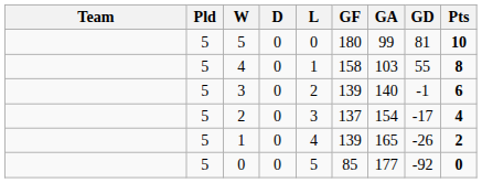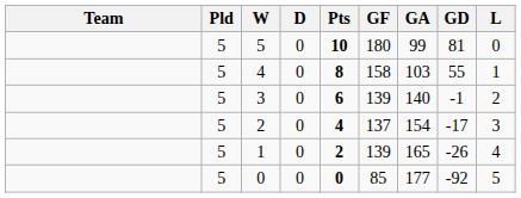 <table class="wikitable" style="text-align: center;">
 <tr>
 <th width="180">Team</th>
 <th width="30">Pld</th>
 <th width="30">W</th>
 <th width="30">D</th>
-<th width="30">L</th>
+<th width="30">Pts</th>
 <th width="30">GF</th>
 <th width="30">GA</th>
 <th width="30">GD</th>
-<th width="30">Pts</th>
+<th width="30">L</th>
 </tr>
 <tr>
 <td align="left"></td>
 <td>5</td>
 <td>5</td>
 <td>0</td>
-<td>0</td>
+<td><strong>10</strong></td>
 <td>180</td>
 <td>99</td>
 <td>81</td>
-<td><strong>10</strong></td>
+<td>0</td>
 </tr>
 <tr>
 <td align="left"></td>
 <td>5</td>
 <td>4</td>
 <td>0</td>
-<td>1</td>
+<td><strong>8</strong></td>
 <td>158</td>
 <td>103</td>
 <td>55</td>
-<td><strong>8</strong></td>
+<td>1</td>
 </tr>
 <tr>
 <td align="left"></td>
 <td>5</td>
 <td>3</td>
 <td>0</td>
-<td>2</td>
+<td><strong>6</strong></td>
 <td>139</td>
 <td>140</td>
 <td>-1</td>
-<td><strong>6</strong></td>
+<td>2</td>
 </tr>
 <tr>
 <td align="left"></td>
 <td>5</td>
 <td>2</td>
 <td>0</td>
-<td>3</td>
+<td><strong>4</strong></td>
 <td>137</td>
 <td>154</td>
 <td>-17</td>
-<td><strong>4</strong></td>
+<td>3</td>
 </tr>
 <tr>
 <td align="left"></td>
 <td>5</td>
 <td>1</td>
 <td>0</td>
-<td>4</td>
+<td><strong>2</strong></td>
 <td>139</td>
 <td>165</td>
 <td>-26</td>
-<td><strong>2</strong></td>
+<td>4</td>
 </tr>
 <tr>
 <td align="left"></td>
 <td>5</td>
 <td>0</td>
 <td>0</td>
-<td>5</td>
+<td><strong>0</strong></td>
 <td>85</td>
 <td>177</td>
 <td>-92</td>
-<td><strong>0</strong></td>
+<td>5</td>
 </tr>
 </table>
